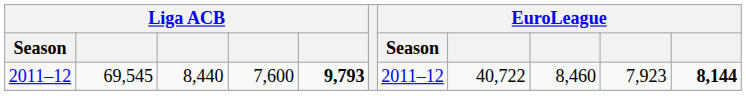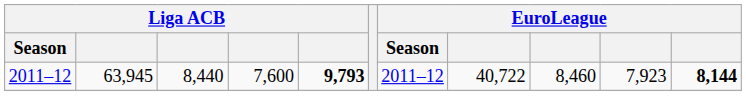 <table class="wikitable" style="text-align:right">
 <tr>
 <th colspan=5><a href='#'>Liga ACB</a></th>
 <th rowspan=13></th>
 <th colspan=5><a href='#'>EuroLeague</a></th>
 </tr>
 <tr>
 <th>Season</th>
 <th width=65></th>
 <th width=55></th>
 <th width=55></th>
 <th width=55></th>
 <th>Season</th>
 <th width=65></th>
 <th width=55></th>
 <th width=55></th>
 <th width=55></th>
 </tr>
 <tr>
 <td align=left><a href='#'>2011–12</a></td>
-<td>69,545</td>
+<td>63,945</td>
 <td>8,440</td>
 <td>7,600</td>
 <td><strong>9,793</strong></td>
 <td align=left><a href='#'>2011–12</a></td>
 <td>40,722</td>
 <td>8,460</td>
 <td>7,923</td>
 <td><strong>8,144</strong></td>
 </tr>
 <tr>
 </tr>
 </table>
